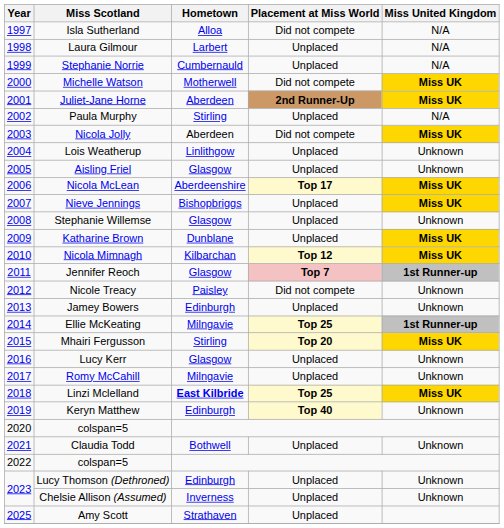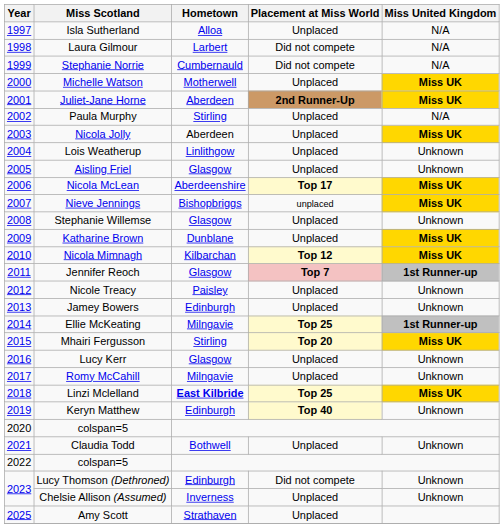 <table class="wikitable sortable" style="font-size: 90%; text-align:center">
 <tr>
 <th>Year</th>
 <th>Miss Scotland</th>
 <th>Hometown</th>
 <th>Placement at Miss World</th>
 <th>Miss United Kingdom</th>
 </tr>
 <tr>
 <td><a href='#'>1997</a></td>
 <td>Isla Sutherland</td>
 <td><a href='#'>Alloa</a></td>
-<td>Did not compete</td>
+<td>Unplaced</td>
 <td>N/A</td>
 </tr>
 <tr>
 <td><a href='#'>1998</a></td>
 <td>Laura Gilmour</td>
 <td><a href='#'>Larbert</a></td>
-<td>Unplaced</td>
+<td>Did not compete</td>
 <td>N/A</td>
 </tr>
 <tr>
 <td><a href='#'>1999</a></td>
 <td><a href='#'>Stephanie Norrie</a></td>
 <td><a href='#'>Cumbernauld</a></td>
-<td>Unplaced</td>
+<td>Did not compete</td>
 <td>N/A</td>
 </tr>
 <tr>
 <td><a href='#'>2000</a></td>
 <td><a href='#'>Michelle Watson</a></td>
 <td><a href='#'>Motherwell</a></td>
-<td>Did not compete</td>
+<td>Unplaced</td>
 <td bgcolor="gold"><strong>Miss UK</strong></td>
 </tr>
 <tr>
 <td><a href='#'>2001</a></td>
 <td><a href='#'>Juliet-Jane Horne</a></td>
 <td><a href='#'>Aberdeen</a></td>
 <td bgcolor="cc9966"><strong>2nd Runner-Up</strong></td>
 <td bgcolor="gold"><strong>Miss UK</strong></td>
 </tr>
 <tr>
 <td><a href='#'>2002</a></td>
 <td>Paula Murphy</td>
 <td><a href='#'>Stirling</a></td>
 <td>Unplaced</td>
 <td>N/A</td>
 </tr>
 <tr>
 <td><a href='#'>2003</a></td>
 <td><a href='#'>Nicola Jolly</a></td>
 <td>Aberdeen</td>
-<td>Did not compete</td>
+<td>Unplaced</td>
 <td bgcolor="gold"><strong>Miss UK</strong></td>
 </tr>
 <tr>
 <td><a href='#'>2004</a></td>
 <td>Lois Weatherup</td>
 <td><a href='#'>Linlithgow</a></td>
 <td>Unplaced</td>
 <td>Unknown</td>
 </tr>
 <tr>
 <td><a href='#'>2005</a></td>
 <td><a href='#'>Aisling Friel</a></td>
 <td><a href='#'>Glasgow</a></td>
 <td>Unplaced</td>
 <td>Unknown</td>
 </tr>
 <tr>
 <td><a href='#'>2006</a></td>
 <td><a href='#'>Nicola McLean</a></td>
 <td><a href='#'>Aberdeenshire</a></td>
 <td bgcolor="#FFFACD"><strong>Top 17</strong></td>
 <td bgcolor="gold"><strong>Miss UK</strong></td>
 </tr>
 <tr>
 <td><a href='#'>2007</a></td>
 <td><a href='#'>Nieve Jennings</a></td>
 <td><a href='#'>Bishopbriggs</a></td>
-<td>Unplaced</td>
+<td><small> unplaced </small></td>
 <td bgcolor="gold"><strong>Miss UK</strong></td>
 </tr>
 <tr>
 <td><a href='#'>2008</a></td>
 <td>Stephanie Willemse</td>
 <td><a href='#'>Glasgow</a></td>
 <td>Unplaced</td>
 <td>Unknown</td>
 </tr>
 <tr>
 <td><a href='#'>2009</a></td>
 <td><a href='#'>Katharine Brown</a></td>
 <td><a href='#'>Dunblane</a></td>
 <td>Unplaced</td>
 <td bgcolor="gold"><strong>Miss UK</strong></td>
 </tr>
 <tr>
 <td><a href='#'>2010</a></td>
 <td><a href='#'>Nicola Mimnagh</a></td>
 <td><a href='#'>Kilbarchan</a></td>
 <td bgcolor="#FFFACD"><strong>Top 12 </strong></td>
 <td bgcolor="gold"><strong>Miss UK</strong></td>
 </tr>
 <tr>
 <td><a href='#'>2011</a></td>
 <td>Jennifer Reoch</td>
 <td><a href='#'>Glasgow</a></td>
 <td bgcolor="#F4C2C2"><strong>Top 7</strong></td>
 <td bgcolor="silver"><strong>1st Runner-up</strong></td>
 </tr>
 <tr>
 <td><a href='#'>2012</a></td>
 <td>Nicole Treacy</td>
 <td><a href='#'>Paisley</a></td>
-<td>Did not compete</td>
+<td>Unplaced</td>
 <td>Unknown</td>
 </tr>
 <tr>
 <td><a href='#'>2013</a></td>
 <td>Jamey Bowers</td>
 <td><a href='#'>Edinburgh</a></td>
 <td>Unplaced</td>
 <td>Unknown</td>
 </tr>
 <tr>
 <td><a href='#'>2014</a></td>
 <td>Ellie McKeating</td>
 <td><a href='#'>Milngavie</a></td>
 <td style="background-color:#FFFACD; font-weight: bold">Top 25</td>
 <td bgcolor=silver><strong>1st Runner-up</strong></td>
 </tr>
 <tr>
 <td><a href='#'>2015</a></td>
 <td>Mhairi Fergusson</td>
 <td><a href='#'>Stirling</a></td>
 <td style="background-color:#FFFACD;"><strong>Top 20</strong></td>
 <td bgcolor=gold><strong>Miss UK</strong></td>
 </tr>
 <tr>
 <td><a href='#'>2016</a></td>
 <td>Lucy Kerr</td>
 <td><a href='#'>Glasgow</a></td>
 <td>Unplaced</td>
 <td>Unknown</td>
 </tr>
 <tr>
 <td><a href='#'>2017</a></td>
 <td><a href='#'>Romy McCahill</a></td>
 <td><a href='#'>Milngavie</a></td>
 <td>Unplaced</td>
 <td>Unknown</td>
 </tr>
 <tr>
 <td><a href='#'>2018</a></td>
 <td>Linzi Mclelland</td>
 <td><strong><a href='#'>East Kilbride</a></strong></td>
 <td bgcolor="#FFFACD"><strong>Top 25</strong></td>
 <td bgcolor="gold"><strong>Miss UK</strong></td>
 </tr>
 <tr>
 <td><a href='#'>2019</a></td>
 <td>Keryn Matthew</td>
 <td><a href='#'>Edinburgh</a></td>
 <td bgcolor="#FFFACD"><strong>Top 40</strong></td>
 <td>Unknown</td>
 </tr>
 <tr>
 <td>2020</td>
 <td>colspan=5 </td>
 </tr>
 <tr>
 <td><a href='#'>2021</a></td>
 <td>Claudia Todd</td>
 <td><a href='#'>Bothwell</a></td>
 <td>Unplaced</td>
 <td>Unknown</td>
 </tr>
 <tr>
 <td>2022</td>
 <td>colspan=5 </td>
 </tr>
 <tr>
 <td rowspan=2><a href='#'>2023</a></td>
 <td>Lucy Thomson <em>(Dethroned)</em></td>
 <td><a href='#'>Edinburgh</a></td>
-<td>Unplaced</td>
+<td>Did not compete</td>
 <td>Unknown</td>
 </tr>
 <tr>
 <td>Chelsie Allison <em>(Assumed)</em></td>
 <td><a href='#'>Inverness</a></td>
 <td>Unplaced</td>
 <td>Unknown</td>
 </tr>
 <tr>
 <td><a href='#'>2025</a></td>
 <td>Amy Scott</td>
 <td><a href='#'>Strathaven</a></td>
 <td>Unplaced</td>
 <td></td>
 </tr>
 <tr>
 </tr>
 </table>
